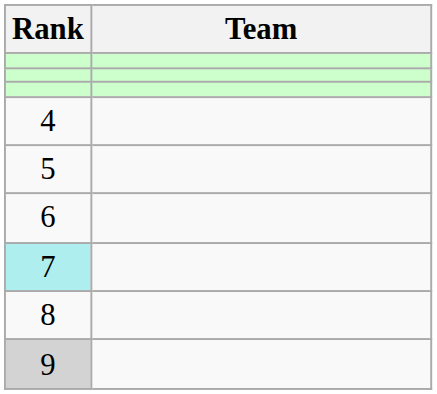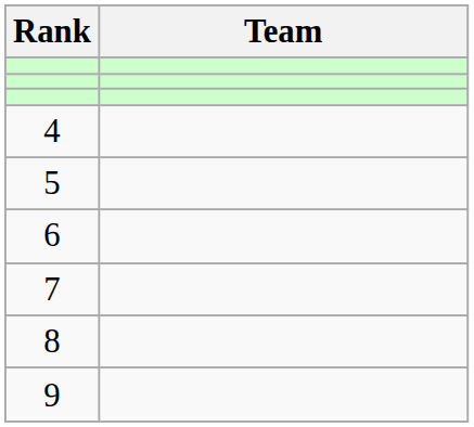 <table class="wikitable">
 <tr>
 <th>Rank</th>
 <th width=170>Team</th>
 </tr>
 <tr bgcolor=ccffcc>
 <td align=center></td>
 <td></td>
 </tr>
 <tr bgcolor=ccffcc>
 <td align=center></td>
 <td></td>
 </tr>
 <tr bgcolor=ccffcc>
 <td align=center></td>
 <td></td>
 </tr>
 <tr>
 <td align=center>4</td>
 <td></td>
 </tr>
 <tr>
 <td align=center>5</td>
 <td></td>
 </tr>
 <tr>
 <td align=center>6</td>
 <td></td>
 </tr>
 <tr>
-<td align=center style="background: paleturquoise;">7</td>
+<td align=center>7</td>
 <td></td>
 </tr>
 <tr>
 <td align=center>8</td>
 <td></td>
 </tr>
 <tr>
-<td align=center style="background: lightgrey;">9</td>
+<td align=center>9</td>
 <td></td>
 </tr>
 </table>
